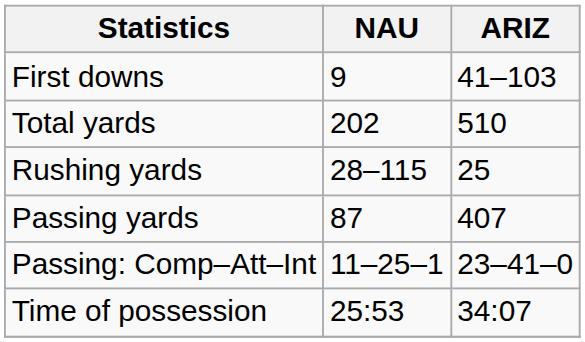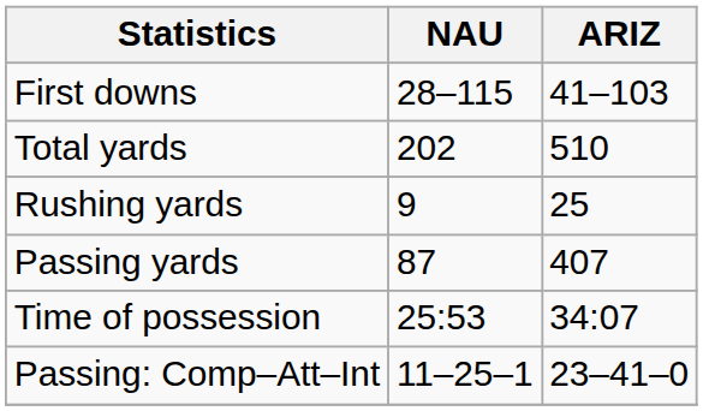 <table class="wikitable" style="float: left;">
 <tr>
 <th>Statistics</th>
 <th>NAU</th>
 <th>ARIZ</th>
 </tr>
 <tr>
 <td>First downs</td>
-<td>9</td>
+<td>28–115</td>
 <td>41–103</td>
 </tr>
 <tr>
 <td>Total yards</td>
 <td>202</td>
 <td>510</td>
 </tr>
 <tr>
 <td>Rushing yards</td>
-<td>28–115</td>
+<td>9</td>
 <td>25</td>
 </tr>
 <tr>
 <td>Passing yards</td>
 <td>87</td>
 <td>407</td>
 </tr>
 <tr>
+<td>Time of possession</td>
+<td>25:53</td>
+<td>34:07</td>
+</tr>
+<tr>
 <td>Passing: Comp–Att–Int</td>
 <td>11–25–1</td>
 <td>23–41–0</td>
 </tr>
 <tr>
-<td>Time of possession</td>
-<td>25:53</td>
-<td>34:07</td>
-</tr>
-<tr>
 </tr>
 </table>
